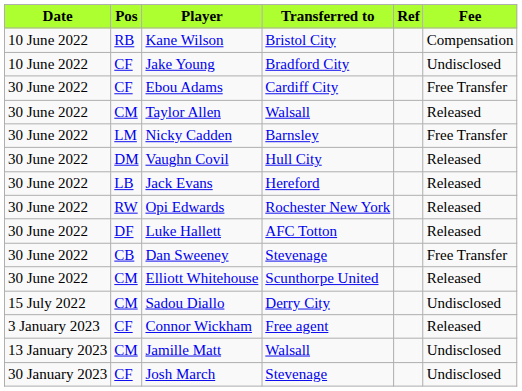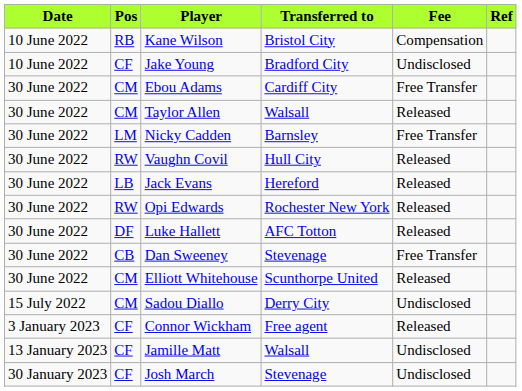 <table class="wikitable plainrowheaders sortable">
 <tr>
 <th style="background:#ADFF2F; color:#000000; ">Date</th>
 <th style="background:#ADFF2F; color:#000000; ">Pos</th>
 <th style="background:#ADFF2F; color:#000000; ">Player</th>
 <th style="background:#ADFF2F; color:#000000; ">Transferred to</th>
+<th style="background:#ADFF2F; color:#000000; ">Fee</th>
 <th style="background:#ADFF2F; color:#000000; ">Ref</th>
-<th style="background:#ADFF2F; color:#000000; ">Fee</th>
 </tr>
 <tr>
 <td>10 June 2022</td>
 <td><a href='#'>RB</a></td>
 <td> <a href='#'>Kane Wilson</a></td>
 <td> <a href='#'>Bristol City</a></td>
+<td>Compensation</td>
 <td></td>
-<td>Compensation</td>
 </tr>
 <tr>
 <td>10 June 2022</td>
 <td><a href='#'>CF</a></td>
 <td> <a href='#'>Jake Young</a></td>
 <td> <a href='#'>Bradford City</a></td>
+<td>Undisclosed</td>
 <td></td>
-<td>Undisclosed</td>
 </tr>
 <tr>
 <td>30 June 2022</td>
-<td><a href='#'>CF</a></td>
+<td><a href='#'>CM</a></td>
 <td> <a href='#'>Ebou Adams</a></td>
 <td> <a href='#'>Cardiff City</a></td>
+<td>Free Transfer</td>
 <td></td>
-<td>Free Transfer</td>
 </tr>
 <tr>
 <td>30 June 2022</td>
 <td><a href='#'>CM</a></td>
 <td> <a href='#'>Taylor Allen</a></td>
 <td> <a href='#'>Walsall</a></td>
+<td>Released</td>
 <td></td>
-<td>Released</td>
 </tr>
 <tr>
 <td>30 June 2022</td>
 <td><a href='#'>LM</a></td>
 <td> <a href='#'>Nicky Cadden</a></td>
 <td> <a href='#'>Barnsley</a></td>
+<td>Free Transfer</td>
 <td></td>
-<td>Free Transfer</td>
 </tr>
 <tr>
 <td>30 June 2022</td>
-<td><a href='#'>DM</a></td>
+<td><a href='#'>RW</a></td>
 <td> <a href='#'>Vaughn Covil</a></td>
 <td> <a href='#'>Hull City</a></td>
+<td>Released</td>
 <td></td>
-<td>Released</td>
 </tr>
 <tr>
 <td>30 June 2022</td>
 <td><a href='#'>LB</a></td>
 <td> <a href='#'>Jack Evans</a></td>
 <td> <a href='#'>Hereford</a></td>
+<td>Released</td>
 <td></td>
-<td>Released</td>
 </tr>
 <tr>
 <td>30 June 2022</td>
 <td><a href='#'>RW</a></td>
 <td> <a href='#'>Opi Edwards</a></td>
 <td> <a href='#'>Rochester New York</a></td>
+<td>Released</td>
 <td></td>
-<td>Released</td>
 </tr>
 <tr>
 <td>30 June 2022</td>
 <td><a href='#'>DF</a></td>
 <td> <a href='#'>Luke Hallett</a></td>
 <td> <a href='#'>AFC Totton</a></td>
+<td>Released</td>
 <td></td>
-<td>Released</td>
 </tr>
 <tr>
 <td>30 June 2022</td>
 <td><a href='#'>CB</a></td>
 <td> <a href='#'>Dan Sweeney</a></td>
 <td> <a href='#'>Stevenage</a></td>
+<td>Free Transfer</td>
 <td></td>
-<td>Free Transfer</td>
 </tr>
 <tr>
 <td>30 June 2022</td>
 <td><a href='#'>CM</a></td>
 <td> <a href='#'>Elliott Whitehouse</a></td>
 <td> <a href='#'>Scunthorpe United</a></td>
+<td>Released</td>
 <td></td>
-<td>Released</td>
 </tr>
 <tr>
 <td>15 July 2022</td>
 <td><a href='#'>CM</a></td>
 <td> <a href='#'>Sadou Diallo</a></td>
 <td> <a href='#'>Derry City</a></td>
+<td>Undisclosed</td>
 <td></td>
-<td>Undisclosed</td>
 </tr>
 <tr>
 <td>3 January 2023</td>
 <td><a href='#'>CF</a></td>
 <td> <a href='#'>Connor Wickham</a></td>
 <td> <a href='#'>Free agent</a></td>
+<td>Released</td>
 <td></td>
-<td>Released</td>
 </tr>
 <tr>
 <td>13 January 2023</td>
-<td><a href='#'>CM</a></td>
+<td><a href='#'>CF</a></td>
 <td> <a href='#'>Jamille Matt</a></td>
 <td> <a href='#'>Walsall</a></td>
+<td>Undisclosed</td>
 <td></td>
-<td>Undisclosed</td>
 </tr>
 <tr>
 <td>30 January 2023</td>
 <td><a href='#'>CF</a></td>
 <td> <a href='#'>Josh March</a></td>
 <td> <a href='#'>Stevenage</a></td>
+<td>Undisclosed</td>
 <td></td>
-<td>Undisclosed</td>
 </tr>
 </table>
